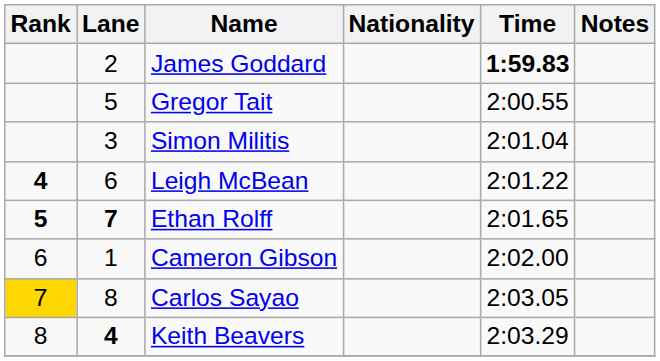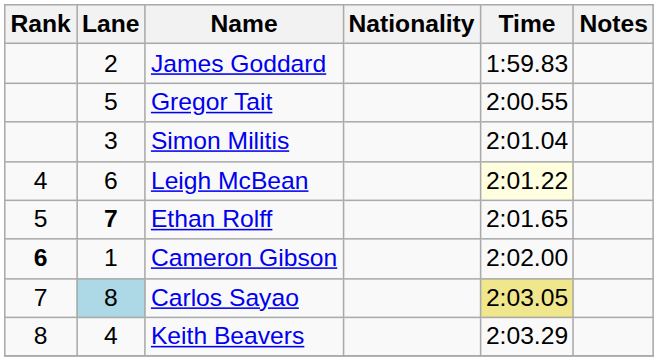 <table class="wikitable sortable" style="text-align:center">
 <tr>
 <th>Rank</th>
 <th>Lane</th>
 <th>Name</th>
 <th>Nationality</th>
 <th>Time</th>
 <th>Notes</th>
 </tr>
 <tr>
 <td></td>
 <td>2</td>
 <td align=left><a href='#'>James Goddard</a></td>
 <td align=left></td>
-<td><strong>1:59.83</strong></td>
+<td>1:59.83</td>
 <td></td>
 </tr>
 <tr>
 <td></td>
 <td>5</td>
 <td align=left><a href='#'>Gregor Tait</a></td>
 <td align=left></td>
 <td>2:00.55</td>
 <td></td>
 </tr>
 <tr>
 <td></td>
 <td>3</td>
 <td align=left><a href='#'>Simon Militis</a></td>
 <td align=left></td>
 <td>2:01.04</td>
 <td></td>
 </tr>
 <tr>
-<td><strong>4</strong></td>
+<td>4</td>
 <td>6</td>
 <td align=left><a href='#'>Leigh McBean</a></td>
 <td align=left></td>
-<td>2:01.22</td>
+<td style="background: lightyellow;">2:01.22</td>
 <td></td>
 </tr>
 <tr>
-<td><strong>5</strong></td>
+<td>5</td>
 <td><strong>7</strong></td>
 <td align=left><a href='#'>Ethan Rolff</a></td>
 <td align=left></td>
 <td>2:01.65</td>
 <td></td>
 </tr>
 <tr>
-<td>6</td>
+<td><strong>6</strong></td>
 <td>1</td>
 <td align=left><a href='#'>Cameron Gibson</a></td>
 <td align=left></td>
 <td>2:02.00</td>
 <td></td>
 </tr>
 <tr>
-<td style="background: gold;">7</td>
-<td>8</td>
+<td>7</td>
+<td style="background: lightblue;">8</td>
 <td align=left><a href='#'>Carlos Sayao</a></td>
 <td align=left></td>
-<td>2:03.05</td>
+<td style="background: khaki;">2:03.05</td>
 <td></td>
 </tr>
 <tr>
 <td>8</td>
-<td><strong>4</strong></td>
+<td>4</td>
 <td align=left><a href='#'>Keith Beavers</a></td>
 <td align=left></td>
 <td>2:03.29</td>
 <td></td>
 </tr>
 <tr>
 </tr>
 </table>
